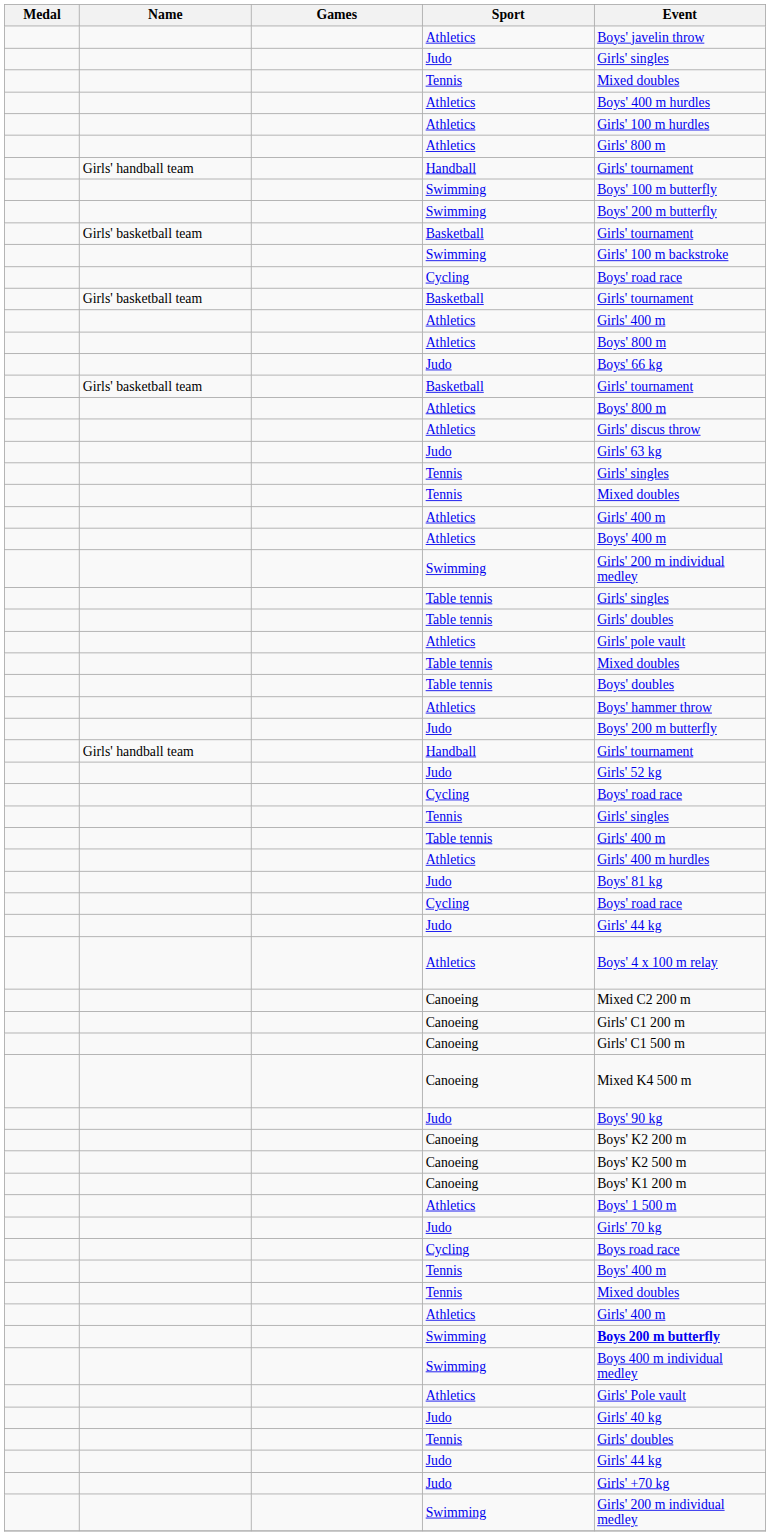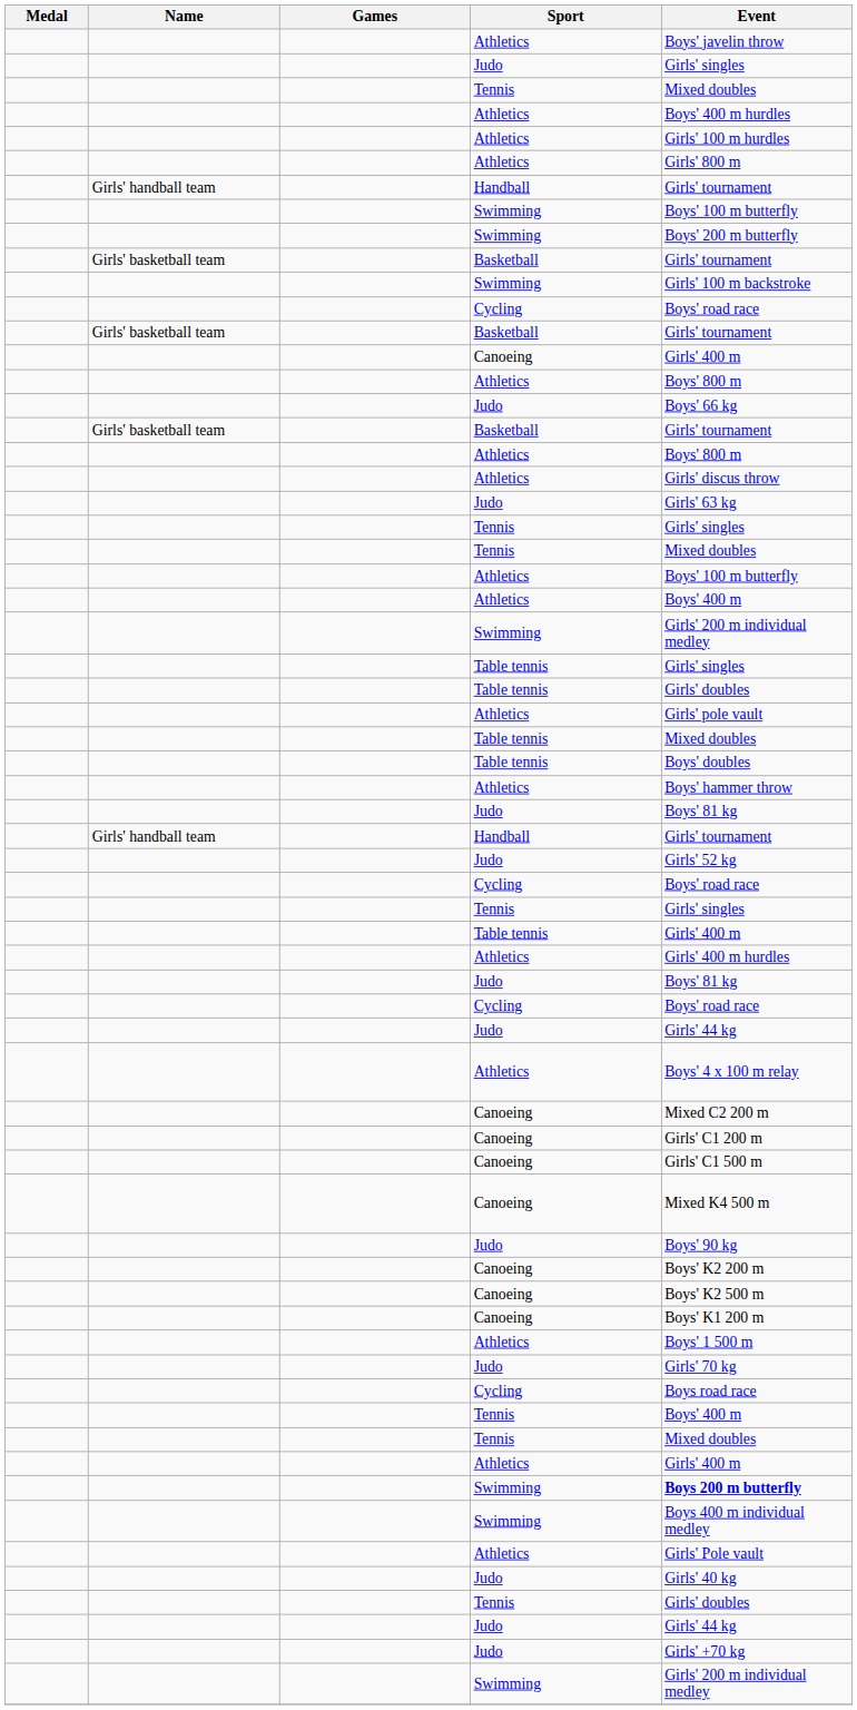 <table class="wikitable sortable">
 <tr>
 <th style="width:5em">Medal</th>
 <th style="width:12em">Name</th>
 <th style="width:12em">Games</th>
 <th style="width:12em">Sport</th>
 <th style="width:12em">Event</th>
 </tr>
 <tr>
 <td></td>
 <td></td>
 <td></td>
 <td> <a href='#'>Athletics</a></td>
 <td><a href='#'>Boys' javelin throw</a></td>
 </tr>
 <tr>
 <td></td>
 <td></td>
 <td></td>
 <td> <a href='#'>Judo</a></td>
 <td><a href='#'>Girls' singles</a></td>
 </tr>
 <tr>
 <td></td>
 <td><br></td>
 <td></td>
 <td> <a href='#'>Tennis</a></td>
 <td><a href='#'>Mixed doubles</a></td>
 </tr>
 <tr>
 <td></td>
 <td></td>
 <td></td>
 <td> <a href='#'>Athletics</a></td>
 <td><a href='#'>Boys' 400 m hurdles</a></td>
 </tr>
 <tr>
 <td></td>
 <td></td>
 <td></td>
 <td> <a href='#'>Athletics</a></td>
 <td><a href='#'>Girls' 100 m hurdles</a></td>
 </tr>
 <tr>
 <td></td>
 <td></td>
 <td></td>
 <td> <a href='#'>Athletics</a></td>
 <td><a href='#'>Girls' 800 m</a></td>
 </tr>
 <tr>
 <td></td>
 <td>Girls' handball team</td>
 <td></td>
 <td> <a href='#'>Handball</a></td>
 <td><a href='#'>Girls' tournament</a></td>
 </tr>
 <tr>
 <td></td>
 <td></td>
 <td></td>
 <td> <a href='#'>Swimming</a></td>
 <td><a href='#'>Boys' 100 m butterfly</a></td>
 </tr>
 <tr>
 <td></td>
 <td></td>
 <td></td>
 <td> <a href='#'>Swimming</a></td>
 <td><a href='#'>Boys' 200 m butterfly</a></td>
 </tr>
 <tr>
 <td></td>
 <td>Girls' basketball team</td>
 <td></td>
 <td> <a href='#'>Basketball</a></td>
 <td><a href='#'>Girls' tournament</a></td>
 </tr>
 <tr>
 <td></td>
 <td></td>
 <td></td>
 <td> <a href='#'>Swimming</a></td>
 <td><a href='#'>Girls' 100 m backstroke</a></td>
 </tr>
 <tr>
 <td></td>
 <td></td>
 <td></td>
 <td> <a href='#'>Cycling</a></td>
 <td><a href='#'>Boys' road race</a></td>
 </tr>
 <tr>
 <td></td>
 <td>Girls' basketball team</td>
 <td></td>
 <td> <a href='#'>Basketball</a></td>
 <td><a href='#'>Girls' tournament</a></td>
 </tr>
 <tr>
 <td></td>
 <td></td>
 <td></td>
-<td> <a href='#'>Athletics</a></td>
+<td> Canoeing</td>
 <td><a href='#'>Girls' 400 m</a></td>
 </tr>
 <tr>
 <td></td>
 <td></td>
 <td></td>
 <td> <a href='#'>Athletics</a></td>
 <td><a href='#'>Boys' 800 m</a></td>
 </tr>
 <tr>
 <td></td>
 <td></td>
 <td></td>
 <td> <a href='#'>Judo</a></td>
 <td><a href='#'>Boys' 66 kg</a></td>
 </tr>
 <tr>
 <td></td>
 <td>Girls' basketball team</td>
 <td></td>
 <td> <a href='#'>Basketball</a></td>
 <td><a href='#'>Girls' tournament</a></td>
 </tr>
 <tr>
 <td></td>
 <td></td>
 <td></td>
 <td> <a href='#'>Athletics</a></td>
 <td><a href='#'>Boys' 800 m</a></td>
 </tr>
 <tr>
 <td></td>
 <td></td>
 <td></td>
 <td> <a href='#'>Athletics</a></td>
 <td><a href='#'>Girls' discus throw</a></td>
 </tr>
 <tr>
 <td></td>
 <td></td>
 <td></td>
 <td> <a href='#'>Judo</a></td>
 <td><a href='#'>Girls' 63 kg</a></td>
 </tr>
 <tr>
 <td></td>
 <td></td>
 <td></td>
 <td> <a href='#'>Tennis</a></td>
 <td><a href='#'>Girls' singles</a></td>
 </tr>
 <tr>
 <td></td>
 <td><br></td>
 <td></td>
 <td> <a href='#'>Tennis</a></td>
 <td><a href='#'>Mixed doubles</a></td>
 </tr>
 <tr>
 <td></td>
 <td></td>
 <td></td>
 <td> <a href='#'>Athletics</a></td>
-<td><a href='#'>Girls' 400 m</a></td>
+<td><a href='#'>Boys' 100 m butterfly</a></td>
 </tr>
 <tr>
 <td></td>
 <td></td>
 <td></td>
 <td> <a href='#'>Athletics</a></td>
 <td><a href='#'>Boys' 400 m</a></td>
 </tr>
 <tr>
 <td></td>
 <td></td>
 <td></td>
 <td> <a href='#'>Swimming</a></td>
 <td><a href='#'>Girls' 200 m individual medley</a></td>
 </tr>
 <tr>
 <td></td>
 <td></td>
 <td></td>
 <td> <a href='#'>Table tennis</a></td>
 <td><a href='#'>Girls' singles</a></td>
 </tr>
 <tr>
 <td></td>
 <td><br></td>
 <td></td>
 <td> <a href='#'>Table tennis</a></td>
 <td><a href='#'>Girls' doubles</a></td>
 </tr>
 <tr>
 <td></td>
 <td></td>
 <td></td>
 <td> <a href='#'>Athletics</a></td>
 <td><a href='#'>Girls' pole vault</a></td>
 </tr>
 <tr>
 <td></td>
 <td><br></td>
 <td></td>
 <td> <a href='#'>Table tennis</a></td>
 <td><a href='#'>Mixed doubles</a></td>
 </tr>
 <tr>
 <td></td>
 <td><br></td>
 <td></td>
 <td> <a href='#'>Table tennis</a></td>
 <td><a href='#'>Boys' doubles</a></td>
 </tr>
 <tr>
 <td></td>
 <td></td>
 <td></td>
 <td> <a href='#'>Athletics</a></td>
 <td><a href='#'>Boys' hammer throw</a></td>
 </tr>
 <tr>
 <td></td>
 <td></td>
 <td></td>
 <td> <a href='#'>Judo</a></td>
-<td><a href='#'>Boys' 200 m butterfly</a></td>
+<td><a href='#'>Boys' 81 kg</a></td>
 </tr>
 <tr>
 <td></td>
 <td>Girls' handball team</td>
 <td></td>
 <td> <a href='#'>Handball</a></td>
 <td><a href='#'>Girls' tournament</a></td>
 </tr>
 <tr>
 <td></td>
 <td></td>
 <td></td>
 <td> <a href='#'>Judo</a></td>
 <td><a href='#'>Girls' 52 kg</a></td>
 </tr>
 <tr>
 <td></td>
 <td></td>
 <td></td>
 <td> <a href='#'>Cycling</a></td>
 <td><a href='#'>Boys' road race</a></td>
 </tr>
 <tr>
 <td></td>
 <td></td>
 <td></td>
 <td> <a href='#'>Tennis</a></td>
 <td><a href='#'>Girls' singles</a></td>
 </tr>
 <tr>
 <td></td>
 <td><br></td>
 <td></td>
 <td> <a href='#'>Table tennis</a></td>
 <td><a href='#'>Girls' 400 m</a></td>
 </tr>
 <tr>
 <td></td>
 <td></td>
 <td></td>
 <td> <a href='#'>Athletics</a></td>
 <td><a href='#'>Girls' 400 m hurdles</a></td>
 </tr>
 <tr>
 <td></td>
 <td></td>
 <td></td>
 <td> <a href='#'>Judo</a></td>
 <td><a href='#'>Boys' 81 kg</a></td>
 </tr>
 <tr>
 <td></td>
 <td></td>
 <td></td>
 <td> <a href='#'>Cycling</a></td>
 <td><a href='#'>Boys' road race</a></td>
 </tr>
 <tr>
 <td></td>
 <td></td>
 <td></td>
 <td> <a href='#'>Judo</a></td>
 <td><a href='#'>Girls' 44 kg</a></td>
 </tr>
 <tr>
 <td></td>
 <td><br><br><br></td>
 <td></td>
 <td> <a href='#'>Athletics</a></td>
 <td><a href='#'>Boys' 4 x 100 m relay</a></td>
 </tr>
 <tr>
 <td></td>
 <td><br></td>
 <td></td>
 <td> Canoeing</td>
 <td>Mixed C2 200 m</td>
 </tr>
 <tr>
 <td></td>
 <td></td>
 <td></td>
 <td> Canoeing</td>
 <td>Girls' C1 200 m</td>
 </tr>
 <tr>
 <td></td>
 <td></td>
 <td></td>
 <td> Canoeing</td>
 <td>Girls' C1 500 m</td>
 </tr>
 <tr>
 <td></td>
 <td><br><br><br></td>
 <td></td>
 <td> Canoeing</td>
 <td>Mixed K4 500 m</td>
 </tr>
 <tr>
 <td></td>
 <td></td>
 <td></td>
 <td> <a href='#'>Judo</a></td>
 <td><a href='#'>Boys' 90 kg</a></td>
 </tr>
 <tr>
 <td></td>
 <td><br></td>
 <td></td>
 <td> Canoeing</td>
 <td>Boys' K2 200 m</td>
 </tr>
 <tr>
 <td></td>
 <td><br></td>
 <td></td>
 <td> Canoeing</td>
 <td>Boys' K2 500 m</td>
 </tr>
 <tr>
 <td></td>
 <td></td>
 <td></td>
 <td> Canoeing</td>
 <td>Boys' K1 200 m</td>
 </tr>
 <tr>
 <td></td>
 <td></td>
 <td></td>
 <td> <a href='#'>Athletics</a></td>
 <td><a href='#'>Boys' 1 500 m</a></td>
 </tr>
 <tr>
 <td></td>
 <td></td>
 <td></td>
 <td> <a href='#'>Judo</a></td>
 <td><a href='#'>Girls' 70 kg</a></td>
 </tr>
 <tr>
 <td></td>
 <td></td>
 <td></td>
 <td> <a href='#'>Cycling</a></td>
 <td><a href='#'>Boys road race</a></td>
 </tr>
 <tr>
 <td></td>
 <td></td>
 <td></td>
 <td> <a href='#'>Tennis</a></td>
 <td><a href='#'>Boys' 400 m</a></td>
 </tr>
 <tr>
 <td></td>
 <td><br></td>
 <td></td>
 <td> <a href='#'>Tennis</a></td>
 <td><a href='#'>Mixed doubles</a></td>
 </tr>
 <tr>
 <td></td>
 <td></td>
 <td></td>
 <td> <a href='#'>Athletics</a></td>
 <td><a href='#'>Girls' 400 m</a></td>
 </tr>
 <tr>
 <td></td>
 <td></td>
 <td></td>
 <td> <a href='#'>Swimming</a></td>
 <td><strong><a href='#'>Boys 200 m butterfly</a></strong></td>
 </tr>
 <tr>
 <td></td>
 <td></td>
 <td></td>
 <td> <a href='#'>Swimming</a></td>
 <td><a href='#'>Boys 400 m individual medley</a></td>
 </tr>
 <tr>
 <td></td>
 <td></td>
 <td></td>
 <td> <a href='#'>Athletics</a></td>
 <td><a href='#'>Girls' Pole vault</a></td>
 </tr>
 <tr>
 <td></td>
 <td></td>
 <td></td>
 <td> <a href='#'>Judo</a></td>
 <td><a href='#'>Girls' 40 kg</a></td>
 </tr>
 <tr>
 <td></td>
 <td><br></td>
 <td></td>
 <td> <a href='#'>Tennis</a></td>
 <td><a href='#'>Girls' doubles</a></td>
 </tr>
 <tr>
 <td></td>
 <td></td>
 <td></td>
 <td> <a href='#'>Judo</a></td>
 <td><a href='#'>Girls' 44 kg</a></td>
 </tr>
 <tr>
 <td></td>
 <td></td>
 <td></td>
 <td> <a href='#'>Judo</a></td>
 <td><a href='#'>Girls' +70 kg</a></td>
 </tr>
 <tr>
 <td></td>
 <td></td>
 <td></td>
 <td> <a href='#'>Swimming</a></td>
 <td><a href='#'>Girls' 200 m individual medley</a></td>
 </tr>
 <tr>
 </tr>
 </table>
